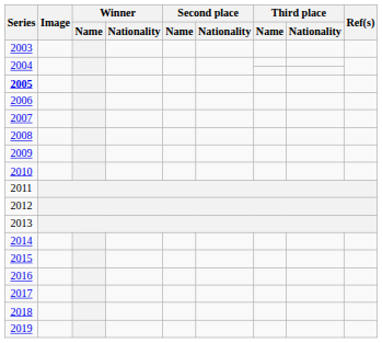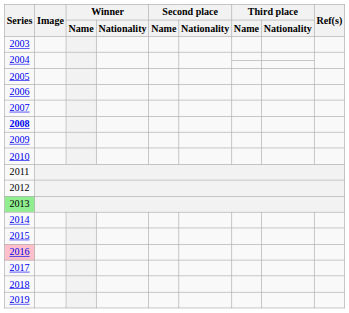 <table class="sortable wikitable plainrowheaders" style="text-align:center">
 <tr>
 <th scope=col rowspan=2>Series</th>
 <th scope=col class=unsortable rowspan=2>Image</th>
 <th scope=col colspan=2>Winner</th>
 <th scope=col colspan=2>Second place</th>
 <th scope=col colspan=2>Third place</th>
 <th scope=col class=unsortable rowspan=2>Ref(s)</th>
 </tr>
 <tr>
 <th scope=col>Name</th>
 <th scope=col>Nationality</th>
 <th scope=col>Name</th>
 <th scope=col>Nationality</th>
 <th scope=col>Name</th>
 <th scope=col>Nationality</th>
 </tr>
 <tr>
 <td><a href='#'>2003</a></td>
 <td></td>
 <th scope=row></th>
 <td></td>
 <td></td>
 <td></td>
 <td></td>
 <td></td>
 <td></td>
 </tr>
 <tr>
 <td rowspan=2><a href='#'>2004</a></td>
 <td rowspan=2></td>
 <th scope=row  rowspan=2></th>
 <td rowspan=2></td>
 <td rowspan=2></td>
 <td rowspan=2></td>
 <td></td>
 <td></td>
 <td rowspan=2></td>
 </tr>
 <tr>
 <td></td>
 <td></td>
 </tr>
 <tr>
-<td><strong><a href='#'>2005</a></strong></td>
+<td><a href='#'>2005</a></td>
 <td></td>
 <th scope=row></th>
 <td></td>
 <td></td>
 <td></td>
 <td></td>
 <td></td>
 <td></td>
 </tr>
 <tr>
 <td><a href='#'>2006</a></td>
 <td></td>
 <th scope=row></th>
 <td></td>
 <td></td>
 <td></td>
 <td></td>
 <td></td>
 <td></td>
 </tr>
 <tr>
 <td><a href='#'>2007</a></td>
 <td></td>
 <th scope=row></th>
 <td></td>
 <td></td>
 <td></td>
 <td></td>
 <td></td>
 <td></td>
 </tr>
 <tr>
-<td><a href='#'>2008</a></td>
+<td><strong><a href='#'>2008</a></strong></td>
 <td></td>
 <th scope=row></th>
 <td></td>
 <td></td>
 <td></td>
 <td></td>
 <td></td>
 <td></td>
 </tr>
 <tr>
 <td><a href='#'>2009</a></td>
 <td></td>
 <th scope=row></th>
 <td></td>
 <td></td>
 <td></td>
 <td></td>
 <td></td>
 <td></td>
 </tr>
 <tr>
 <td><a href='#'>2010</a></td>
 <td></td>
 <th scope=row></th>
 <td></td>
 <td></td>
 <td></td>
 <td></td>
 <td></td>
 <td></td>
 </tr>
 <tr>
 <td>2011</td>
 <th scope=row colspan=8> </th>
 </tr>
 <tr>
 <td>2012</td>
 <th scope=row colspan=8> </th>
 </tr>
 <tr>
-<td>2013</td>
+<td style="background: lightgreen;">2013</td>
 <th scope=row colspan=8> </th>
 </tr>
 <tr>
 <td><a href='#'>2014</a></td>
 <td></td>
 <th scope=row></th>
 <td></td>
 <td></td>
 <td></td>
 <td></td>
 <td></td>
 <td></td>
 </tr>
 <tr>
 <td><a href='#'>2015</a></td>
 <td></td>
 <th scope=row></th>
 <td></td>
 <td></td>
 <td></td>
 <td></td>
 <td></td>
 <td></td>
 </tr>
 <tr>
-<td><a href='#'>2016</a></td>
+<td style="background: pink;"><a href='#'>2016</a></td>
 <td></td>
 <th scope=row></th>
 <td></td>
 <td></td>
 <td></td>
 <td> </td>
 <td></td>
 <td></td>
 </tr>
 <tr>
 <td><a href='#'>2017</a></td>
 <td></td>
 <th scope=row></th>
 <td></td>
 <td></td>
 <td></td>
 <td></td>
 <td></td>
 <td></td>
 </tr>
 <tr>
 <td><a href='#'>2018</a></td>
 <td></td>
 <th scope=row></th>
 <td></td>
 <td></td>
 <td></td>
 <td></td>
 <td></td>
 <td></td>
 </tr>
 <tr>
 <td><a href='#'>2019</a></td>
 <td></td>
 <th scope=row></th>
 <td></td>
 <td scope=row></td>
 <td></td>
 <td></td>
 <td></td>
 <td></td>
 </tr>
 </table>
